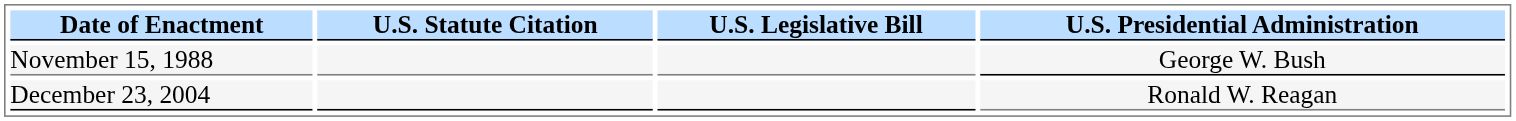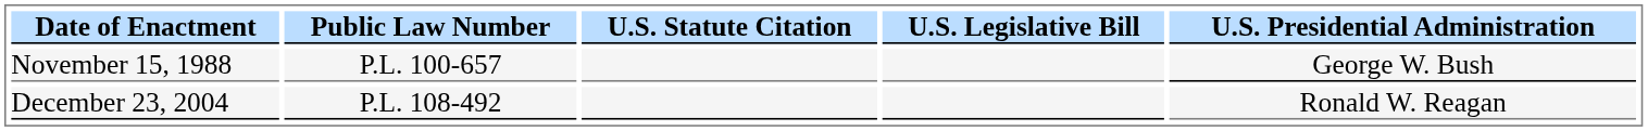 <table style="border:1px solid gray; align:left; width:75%" cellspacing=3 cellpadding=0>
 <tr style="font-weight:bold; text-align:center; background:#bbddff; color:black;">
 <th style=" border-bottom:1.5px solid black">Date of Enactment</th>
+<th style=" border-bottom:1.5px solid black">Public Law Number</th>
 <th style=" border-bottom:1.5px solid black">U.S. Statute Citation</th>
 <th style=" border-bottom:1.5px solid black">U.S. Legislative Bill</th>
 <th style=" border-bottom:1.5px solid black">U.S. Presidential Administration</th>
 </tr>
 <tr>
 <td style="border-bottom:1px solid gray; background:#F5F5F5;">November 15, 1988</td>
+<td style="border-bottom:1px solid gray; background:#F5F5F5; text-align:center;">P.L. 100-657</td>
 <td style="border-bottom:1px solid gray; background:#F5F5F5; text-align:center;"></td>
 <td style="border-bottom:1px solid gray; background:#F5F5F5; text-align:center;"></td>
 <td style="border-bottom:1.5px solid black; background:#F5F5F5; text-align:center;">George W. Bush</td>
 </tr>
 <tr>
 <td style="border-bottom:1.5px solid black; background:#F5F5F5;">December 23, 2004</td>
+<td style="border-bottom:1.5px solid black; background:#F5F5F5; text-align:center;">P.L. 108-492</td>
 <td style="border-bottom:1.5px solid black; background:#F5F5F5; text-align:center;"></td>
 <td style="border-bottom:1.5px solid black; background:#F5F5F5; text-align:center;"></td>
 <td style="border-bottom:1px solid gray; background:#F5F5F5; text-align:center;">Ronald W. Reagan</td>
 </tr>
 </table>
